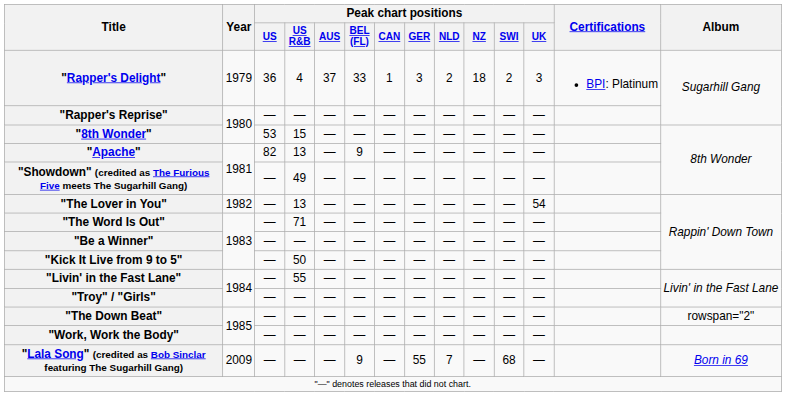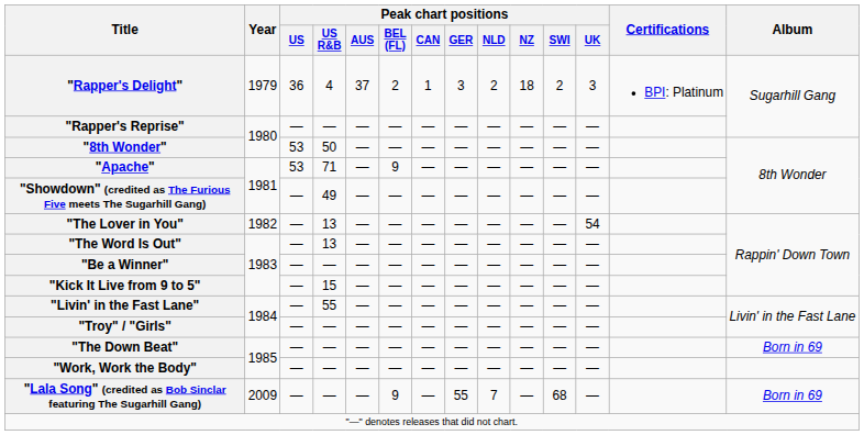 <table class="wikitable plainrowheaders" style="text-align:center;">
 <tr>
 <th rowspan="2" style="width:18em;">Title</th>
 <th rowspan="2">Year</th>
 <th colspan="10">Peak chart positions</th>
 <th rowspan="2"><a href='#'>Certifications</a></th>
 <th rowspan="2">Album</th>
 </tr>
 <tr>
 <th scope="col" style="width:2.5em;font-size:85%"><a href='#'>US</a><br></th>
 <th scope="col" style="width:2.5em;font-size:85%"><a href='#'>US<br>R&B</a><br></th>
 <th scope="col" style="width:2.5em;font-size:85%"><a href='#'>AUS</a><br></th>
 <th scope="col" style="width:2.5em;font-size:85%"><a href='#'>BEL (FL)</a><br></th>
 <th scope="col" style="width:2.5em;font-size:85%"><a href='#'>CAN</a><br></th>
 <th scope="col" style="width:2.5em;font-size:85%"><a href='#'>GER</a><br></th>
 <th scope="col" style="width:2.5em;font-size:85%"><a href='#'>NLD</a><br></th>
 <th scope="col" style="width:2.5em;font-size:85%"><a href='#'>NZ</a><br></th>
 <th scope="col" style="width:2.5em;font-size:85%"><a href='#'>SWI</a><br></th>
 <th scope="col" style="width:2.5em;font-size:85%"><a href='#'>UK</a><br></th>
 </tr>
 <tr>
 <th scope="row">"<a href='#'>Rapper's Delight</a>"</th>
 <td>1979</td>
 <td>36</td>
 <td>4</td>
 <td>37</td>
-<td>33</td>
+<td>2</td>
 <td>1</td>
 <td>3</td>
 <td>2</td>
 <td>18</td>
 <td>2</td>
 <td>3</td>
 <td><br><ul><li><a href='#'>BPI</a>: Platinum</li></ul></td>
 <td rowspan="2"><em>Sugarhill Gang</em></td>
 </tr>
 <tr>
 <th scope="row">"Rapper's Reprise"</th>
 <td rowspan="2">1980</td>
 <td>—</td>
 <td>—</td>
 <td>—</td>
 <td>—</td>
 <td>—</td>
 <td>—</td>
 <td>—</td>
 <td>—</td>
 <td>—</td>
 <td>—</td>
 <td></td>
 </tr>
 <tr>
 <th scope="row">"<a href='#'>8th Wonder</a>"</th>
 <td>53</td>
-<td>15</td>
+<td>50</td>
 <td>—</td>
 <td>—</td>
 <td>—</td>
 <td>—</td>
 <td>—</td>
 <td>—</td>
 <td>—</td>
 <td>—</td>
 <td></td>
 <td rowspan="3"><em>8th Wonder</em></td>
 </tr>
 <tr>
 <th scope="row">"<a href='#'>Apache</a>"</th>
 <td rowspan="2">1981</td>
-<td>82</td>
-<td>13</td>
+<td>53</td>
+<td>71</td>
 <td>—</td>
 <td>9</td>
 <td>—</td>
 <td>—</td>
 <td>—</td>
 <td>—</td>
 <td>—</td>
 <td>—</td>
 <td></td>
 </tr>
 <tr>
 <th scope="row">"Showdown" <small>(credited as <a href='#'>The Furious Five</a> meets The Sugarhill Gang)</small></th>
 <td>—</td>
 <td>49</td>
 <td>—</td>
 <td>—</td>
 <td>—</td>
 <td>—</td>
 <td>—</td>
 <td>—</td>
 <td>—</td>
 <td>—</td>
 <td></td>
 </tr>
 <tr>
 <th scope="row">"The Lover in You"</th>
 <td>1982</td>
 <td>—</td>
 <td>13</td>
 <td>—</td>
 <td>—</td>
 <td>—</td>
 <td>—</td>
 <td>—</td>
 <td>—</td>
 <td>—</td>
 <td>54</td>
 <td></td>
 <td rowspan="4"><em>Rappin' Down Town</em></td>
 </tr>
 <tr>
 <th scope="row">"The Word Is Out"</th>
 <td rowspan="3">1983</td>
 <td>—</td>
-<td>71</td>
+<td>13</td>
 <td>—</td>
 <td>—</td>
 <td>—</td>
 <td>—</td>
 <td>—</td>
 <td>—</td>
 <td>—</td>
 <td>—</td>
 <td></td>
 </tr>
 <tr>
 <th scope="row">"Be a Winner"</th>
 <td>—</td>
 <td>—</td>
 <td>—</td>
 <td>—</td>
 <td>—</td>
 <td>—</td>
 <td>—</td>
 <td>—</td>
 <td>—</td>
 <td>—</td>
 <td></td>
 </tr>
 <tr>
 <th scope="row">"Kick It Live from 9 to 5"</th>
 <td>—</td>
-<td>50</td>
+<td>15</td>
 <td>—</td>
 <td>—</td>
 <td>—</td>
 <td>—</td>
 <td>—</td>
 <td>—</td>
 <td>—</td>
 <td>—</td>
 <td></td>
 </tr>
 <tr>
 <th scope="row">"Livin' in the Fast Lane"</th>
 <td rowspan="2">1984</td>
 <td>—</td>
 <td>55</td>
 <td>—</td>
 <td>—</td>
 <td>—</td>
 <td>—</td>
 <td>—</td>
 <td>—</td>
 <td>—</td>
 <td>—</td>
 <td></td>
 <td rowspan="2"><em>Livin' in the Fast Lane</em></td>
 </tr>
 <tr>
 <th scope="row">"Troy" / "Girls"</th>
 <td>—</td>
 <td>—</td>
 <td>—</td>
 <td>—</td>
 <td>—</td>
 <td>—</td>
 <td>—</td>
 <td>—</td>
 <td>—</td>
 <td>—</td>
 <td></td>
 </tr>
 <tr>
 <th scope="row">"The Down Beat"</th>
 <td rowspan="2">1985</td>
 <td>—</td>
 <td>—</td>
 <td>—</td>
 <td>—</td>
 <td>—</td>
 <td>—</td>
 <td>—</td>
 <td>—</td>
 <td>—</td>
 <td>—</td>
 <td></td>
-<td>rowspan="2" </td>
+<td><em><a href='#'>Born in 69</a></em></td>
 </tr>
 <tr>
 <th scope="row">"Work, Work the Body"</th>
 <td>—</td>
 <td>—</td>
 <td>—</td>
 <td>—</td>
 <td>—</td>
 <td>—</td>
 <td>—</td>
 <td>—</td>
 <td>—</td>
 <td>—</td>
 <td></td>
 </tr>
 <tr>
 <th scope="row">"<a href='#'>Lala Song</a>" <small>(credited as <a href='#'>Bob Sinclar</a> featuring The Sugarhill Gang)</small></th>
 <td>2009</td>
 <td>—</td>
 <td>—</td>
 <td>—</td>
 <td>9</td>
 <td>—</td>
 <td>55</td>
 <td>7</td>
 <td>—</td>
 <td>68</td>
 <td>—</td>
 <td></td>
 <td><em><a href='#'>Born in 69</a></em></td>
 </tr>
 <tr>
 <td colspan="15" style="text-align:center; font-size:9pt;">"—" denotes releases that did not chart.</td>
 </tr>
 </table>
